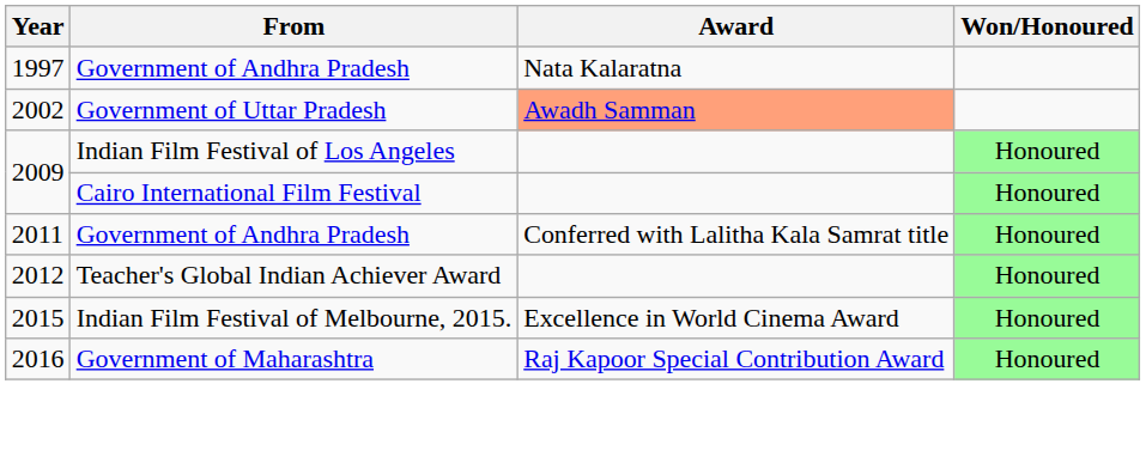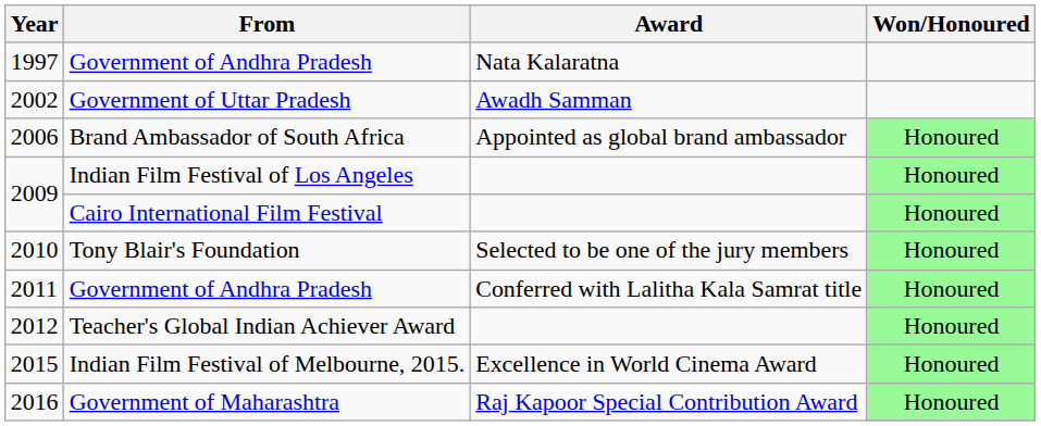 <table class="wikitable sortable">
 <tr>
 <th>Year</th>
 <th>From</th>
 <th>Award</th>
 <th>Won/Honoured</th>
 </tr>
 <tr>
 <td>1997</td>
 <td><a href='#'>Government of Andhra Pradesh</a></td>
 <td>Nata Kalaratna</td>
 <td></td>
 </tr>
 <tr>
 <td>2002</td>
 <td><a href='#'>Government of Uttar Pradesh</a></td>
-<td style="background: lightsalmon;"><a href='#'>Awadh Samman</a></td>
+<td><a href='#'>Awadh Samman</a></td>
 <td></td>
+</tr>
+<tr>
+<td>2006</td>
+<td>Brand Ambassador of South Africa</td>
+<td>Appointed as global brand ambassador</td>
+<td style="text-align:center; background:#98fb98;">Honoured</td>
 </tr>
 <tr>
 <td rowspan="2">2009</td>
 <td>Indian Film Festival of <a href='#'>Los Angeles</a></td>
 <td></td>
 <td style="text-align:center; background:#98fb98;">Honoured</td>
 </tr>
 <tr>
 <td><a href='#'>Cairo International Film Festival</a></td>
 <td></td>
+<td style="text-align:center; background:#98fb98;">Honoured</td>
+</tr>
+<tr>
+<td>2010</td>
+<td>Tony Blair's Foundation</td>
+<td>Selected to be one of the jury members</td>
 <td style="text-align:center; background:#98fb98;">Honoured</td>
 </tr>
 <tr>
 <td>2011</td>
 <td><a href='#'>Government of Andhra Pradesh</a></td>
 <td>Conferred with Lalitha Kala Samrat title</td>
 <td style="text-align:center; background:#98fb98;">Honoured</td>
 </tr>
 <tr>
 <td>2012</td>
 <td>Teacher's Global Indian Achiever Award</td>
 <td></td>
 <td style="text-align:center; background:#98fb98;">Honoured</td>
 </tr>
 <tr>
 <td>2015</td>
 <td>Indian Film Festival of Melbourne, 2015.</td>
 <td>Excellence in World Cinema Award</td>
 <td style="text-align: center;background:#98fb98;">Honoured</td>
 </tr>
 <tr>
 <td>2016</td>
 <td><a href='#'>Government of Maharashtra</a></td>
 <td><a href='#'>Raj Kapoor Special Contribution Award</a></td>
 <td style="text-align:center; background:#98fb98;">Honoured</td>
 </tr>
 </table>
